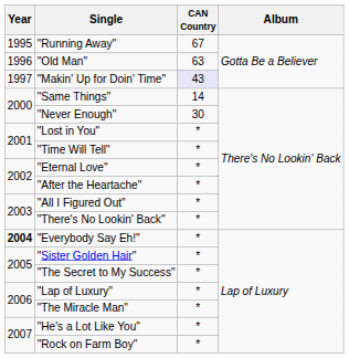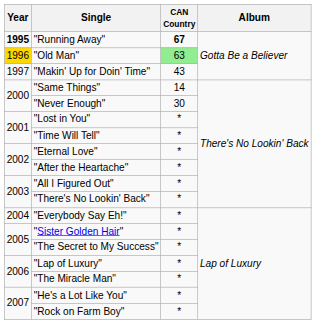 <table class="wikitable">
 <tr>
 <th>Year</th>
 <th>Single</th>
 <th width="45"><small>CAN Country</small></th>
 <th>Album</th>
 </tr>
 <tr>
-<td>1995</td>
+<td><strong>1995</strong></td>
 <td>"Running Away"</td>
-<td align="center">67</td>
+<td align="center"><strong>67</strong></td>
 <td rowspan=3><em>Gotta Be a Believer</em></td>
 </tr>
 <tr>
-<td>1996</td>
+<td style="background: gold;">1996</td>
 <td>"Old Man"</td>
-<td align="center">63</td>
+<td align="center" style="background: lightgreen;">63</td>
 </tr>
 <tr>
 <td>1997</td>
 <td>"Makin' Up for Doin' Time"</td>
-<td align="center" style="background: lavender;">43</td>
+<td align="center">43</td>
 </tr>
 <tr>
 <td rowspan=2>2000</td>
 <td>"Same Things"</td>
 <td align="center">14</td>
 <td rowspan=8><em>There's No Lookin' Back</em></td>
 </tr>
 <tr>
 <td>"Never Enough"</td>
 <td align="center">30</td>
 </tr>
 <tr>
 <td rowspan=2>2001</td>
 <td>"Lost in You"</td>
 <td align="center">*</td>
 </tr>
 <tr>
 <td>"Time Will Tell"</td>
 <td align="center">*</td>
 </tr>
 <tr>
 <td rowspan=2>2002</td>
 <td>"Eternal Love"</td>
 <td align="center">*</td>
 </tr>
 <tr>
 <td>"After the Heartache"</td>
 <td align="center">*</td>
 </tr>
 <tr>
 <td rowspan=2>2003</td>
 <td>"All I Figured Out"</td>
 <td align="center">*</td>
 </tr>
 <tr>
 <td>"There's No Lookin' Back"</td>
 <td align="center">*</td>
 </tr>
 <tr>
-<td><strong>2004</strong></td>
+<td>2004</td>
 <td>"Everybody Say Eh!"</td>
 <td align="center">*</td>
 <td rowspan=7><em>Lap of Luxury</em></td>
 </tr>
 <tr>
 <td rowspan=2>2005</td>
 <td>"<a href='#'>Sister Golden Hair</a>"</td>
 <td align="center">*</td>
 </tr>
 <tr>
 <td>"The Secret to My Success"</td>
 <td align="center">*</td>
 </tr>
 <tr>
 <td rowspan=2>2006</td>
 <td>"Lap of Luxury"</td>
 <td align="center">*</td>
 </tr>
 <tr>
 <td>"The Miracle Man"</td>
 <td align="center">*</td>
 </tr>
 <tr>
 <td rowspan=2>2007</td>
 <td>"He's a Lot Like You"</td>
 <td align="center">*</td>
 </tr>
 <tr>
 <td>"Rock on Farm Boy"</td>
 <td align="center">*</td>
 </tr>
 </table>
